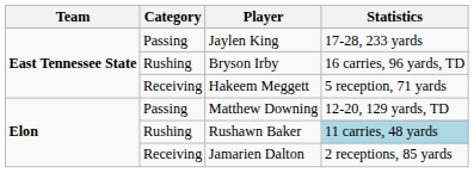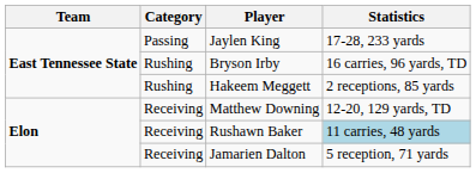 <table class="wikitable" style="float: right;">
 <tr>
 <th>Team</th>
 <th>Category</th>
 <th>Player</th>
 <th>Statistics</th>
 </tr>
 <tr>
 <td rowspan=3><strong>East Tennessee State</strong></td>
 <td>Passing</td>
 <td>Jaylen King</td>
 <td>17-28, 233 yards</td>
 </tr>
 <tr>
 <td>Rushing</td>
 <td>Bryson Irby</td>
 <td>16 carries, 96 yards, TD</td>
 </tr>
 <tr>
-<td>Receiving</td>
+<td>Rushing</td>
 <td>Hakeem Meggett</td>
-<td>5 reception, 71 yards</td>
+<td>2 receptions, 85 yards</td>
 </tr>
 <tr>
 <td rowspan=3><strong>Elon</strong></td>
-<td>Passing</td>
+<td>Receiving</td>
 <td>Matthew Downing</td>
 <td>12-20, 129 yards, TD</td>
 </tr>
 <tr>
-<td>Rushing</td>
+<td>Receiving</td>
 <td>Rushawn Baker</td>
 <td style="background: lightblue;">11 carries, 48 yards</td>
 </tr>
 <tr>
 <td>Receiving</td>
 <td>Jamarien Dalton</td>
-<td>2 receptions, 85 yards</td>
+<td>5 reception, 71 yards</td>
 </tr>
 </table>
